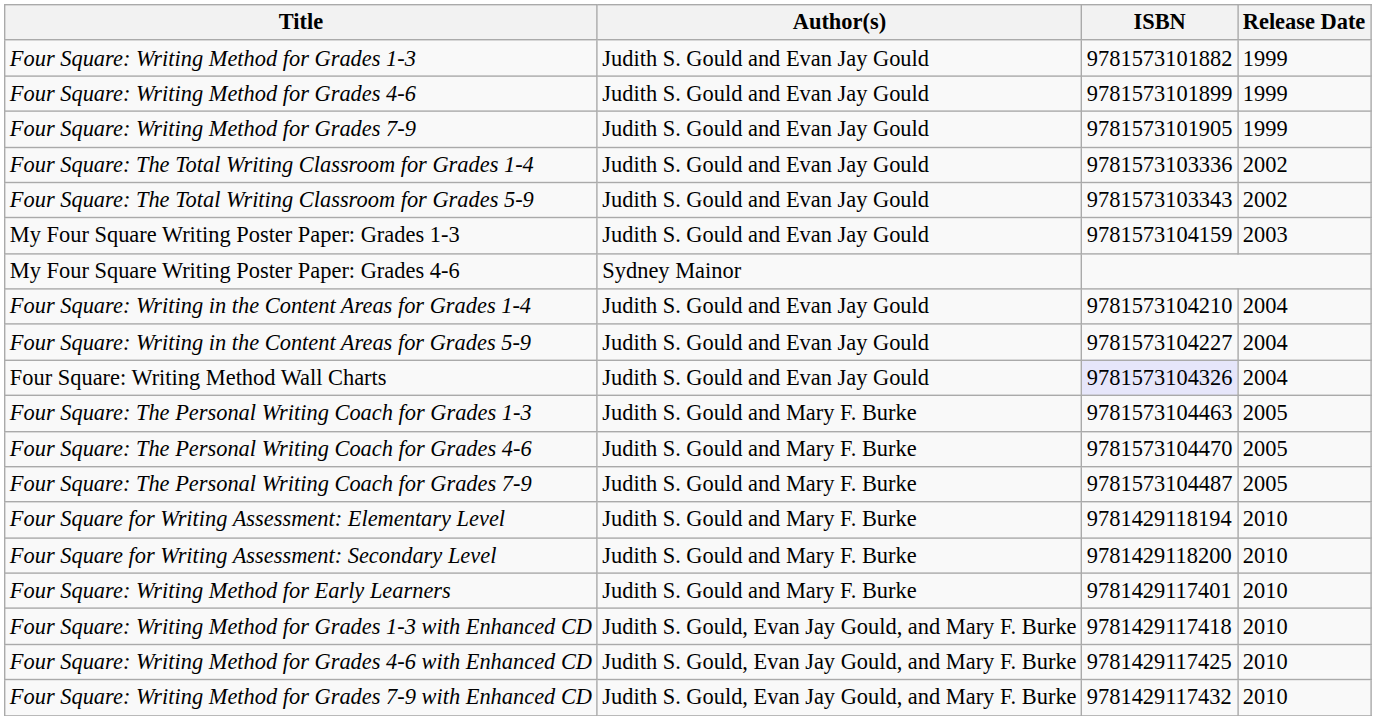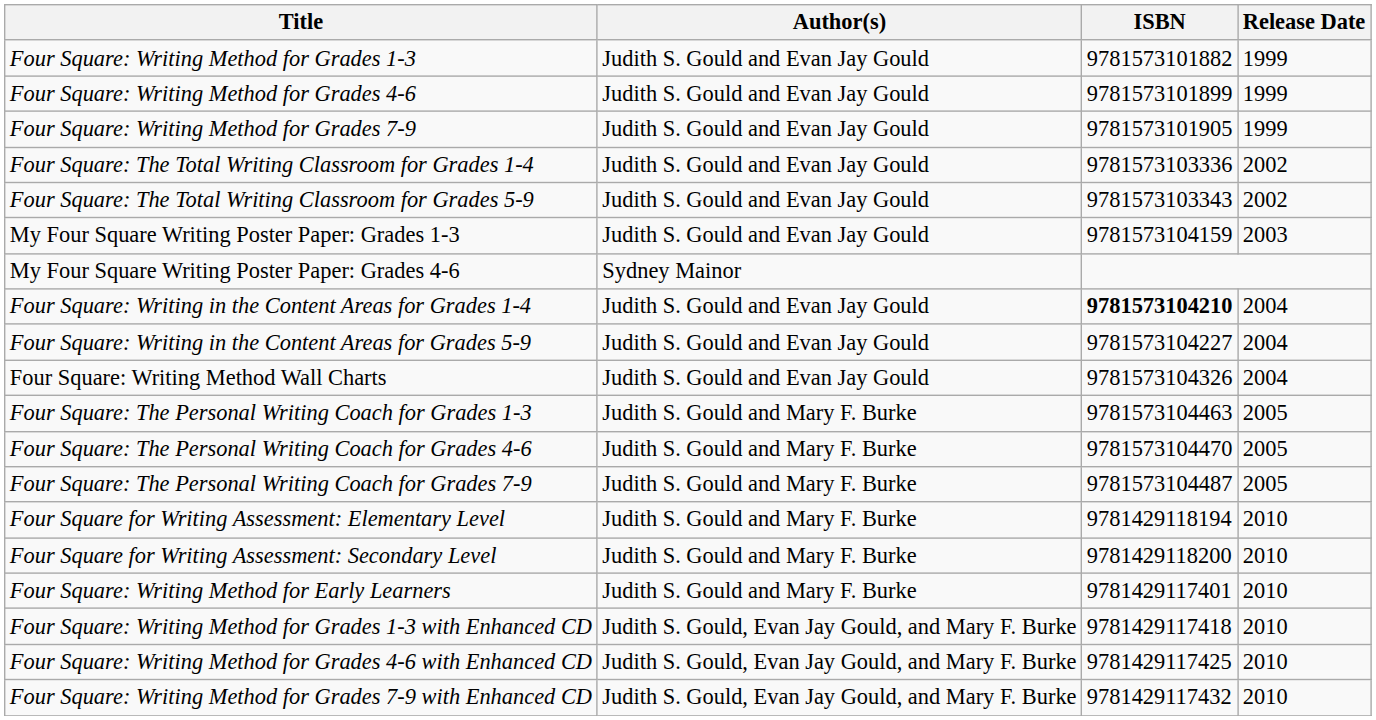 <table class="wikitable">
 <tr>
 <th>Title</th>
 <th>Author(s)</th>
 <th>ISBN</th>
 <th>Release Date</th>
 </tr>
 <tr>
 <td><em>Four Square: Writing Method for Grades 1-3</em></td>
 <td>Judith S. Gould and Evan Jay Gould</td>
 <td>9781573101882</td>
 <td>1999</td>
 </tr>
 <tr>
 <td><em>Four Square: Writing Method for Grades 4-6</em></td>
 <td>Judith S. Gould and Evan Jay Gould</td>
 <td>9781573101899</td>
 <td>1999</td>
 </tr>
 <tr>
 <td><em>Four Square: Writing Method for Grades 7-9</em></td>
 <td>Judith S. Gould and Evan Jay Gould</td>
 <td>9781573101905</td>
 <td>1999</td>
 </tr>
 <tr>
 <td><em>Four Square: The Total Writing Classroom for Grades 1-4</em></td>
 <td>Judith S. Gould and Evan Jay Gould</td>
 <td>9781573103336</td>
 <td>2002</td>
 </tr>
 <tr>
 <td><em>Four Square: The Total Writing Classroom for Grades 5-9</em></td>
 <td>Judith S. Gould and Evan Jay Gould</td>
 <td>9781573103343</td>
 <td>2002</td>
 </tr>
 <tr>
 <td>My Four Square Writing Poster Paper: Grades 1-3</td>
 <td>Judith S. Gould and Evan Jay Gould</td>
 <td>9781573104159</td>
 <td>2003</td>
 </tr>
 <tr>
 <td>My Four Square Writing Poster Paper: Grades 4-6</td>
 <td>Sydney Mainor<br></td>
 </tr>
 <tr>
 <td><em>Four Square: Writing in the Content Areas for Grades 1-4</em></td>
 <td>Judith S. Gould and Evan Jay Gould</td>
-<td>9781573104210</td>
+<td><strong>9781573104210</strong></td>
 <td>2004</td>
 </tr>
 <tr>
 <td><em>Four Square: Writing in the Content Areas for Grades 5-9</em></td>
 <td>Judith S. Gould and Evan Jay Gould</td>
 <td>9781573104227</td>
 <td>2004</td>
 </tr>
 <tr>
 <td>Four Square: Writing Method Wall Charts</td>
 <td>Judith S. Gould and Evan Jay Gould</td>
-<td style="background: lavender;">9781573104326</td>
+<td>9781573104326</td>
 <td>2004</td>
 </tr>
 <tr>
 <td><em>Four Square: The Personal Writing Coach for Grades 1-3</em></td>
 <td>Judith S. Gould and Mary F. Burke</td>
 <td>9781573104463</td>
 <td>2005</td>
 </tr>
 <tr>
 <td><em>Four Square: The Personal Writing Coach for Grades 4-6</em></td>
 <td>Judith S. Gould and Mary F. Burke</td>
 <td>9781573104470</td>
 <td>2005</td>
 </tr>
 <tr>
 <td><em>Four Square: The Personal Writing Coach for Grades 7-9</em></td>
 <td>Judith S. Gould and Mary F. Burke</td>
 <td>9781573104487</td>
 <td>2005</td>
 </tr>
 <tr>
 <td><em>Four Square for Writing Assessment: Elementary Level</em></td>
 <td>Judith S. Gould and Mary F. Burke</td>
 <td>9781429118194</td>
 <td>2010</td>
 </tr>
 <tr>
 <td><em>Four Square for Writing Assessment: Secondary Level</em></td>
 <td>Judith S. Gould and Mary F. Burke</td>
 <td>9781429118200</td>
 <td>2010</td>
 </tr>
 <tr>
 <td><em>Four Square: Writing Method for Early Learners</em></td>
 <td>Judith S. Gould and Mary F. Burke</td>
 <td>9781429117401</td>
 <td>2010</td>
 </tr>
 <tr>
 <td><em>Four Square: Writing Method for Grades 1-3 with Enhanced CD</em></td>
 <td>Judith S. Gould, Evan Jay Gould, and Mary F. Burke</td>
 <td>9781429117418</td>
 <td>2010</td>
 </tr>
 <tr>
 <td><em>Four Square: Writing Method for Grades 4-6 with Enhanced CD</em></td>
 <td>Judith S. Gould, Evan Jay Gould, and Mary F. Burke</td>
 <td>9781429117425</td>
 <td>2010</td>
 </tr>
 <tr>
 <td><em>Four Square: Writing Method for Grades 7-9 with Enhanced CD</em></td>
 <td>Judith S. Gould, Evan Jay Gould, and Mary F. Burke</td>
 <td>9781429117432</td>
 <td>2010</td>
 </tr>
 </table>
